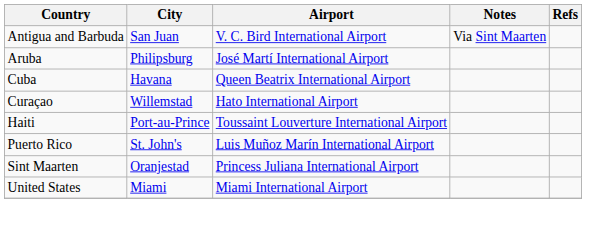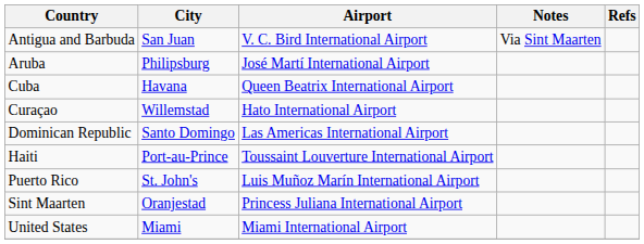 <table class="sortable wikitable">
 <tr>
 <th>Country</th>
 <th>City</th>
 <th>Airport</th>
 <th>Notes</th>
 <th class="unsortable">Refs</th>
 </tr>
 <tr>
 <td>Antigua and Barbuda</td>
 <td><a href='#'>San Juan</a></td>
 <td><a href='#'>V. C. Bird International Airport</a></td>
 <td align=center>Via <a href='#'>Sint Maarten</a></td>
 <td></td>
 </tr>
 <tr>
 <td>Aruba</td>
 <td><a href='#'>Philipsburg</a></td>
 <td><a href='#'>José Martí International Airport</a></td>
 <td align=center></td>
 <td></td>
 </tr>
 <tr>
 <td>Cuba</td>
 <td><a href='#'>Havana</a></td>
 <td><a href='#'>Queen Beatrix International Airport</a></td>
 <td align=center></td>
 <td></td>
 </tr>
 <tr>
 <td>Curaçao</td>
 <td><a href='#'>Willemstad</a></td>
 <td><a href='#'>Hato International Airport</a></td>
 <td align=center></td>
 <td></td>
 </tr>
 <tr>
+<td>Dominican Republic</td>
+<td><a href='#'>Santo Domingo</a></td>
+<td><a href='#'>Las Americas International Airport</a></td>
+<td></td>
+<td></td>
+</tr>
+<tr>
 <td>Haiti</td>
 <td><a href='#'>Port-au-Prince</a></td>
 <td><a href='#'>Toussaint Louverture International Airport</a></td>
 <td></td>
 <td></td>
 </tr>
 <tr>
 <td>Puerto Rico</td>
 <td><a href='#'>St. John's</a></td>
 <td><a href='#'>Luis Muñoz Marín International Airport</a></td>
 <td align=center></td>
 <td></td>
 </tr>
 <tr>
 <td>Sint Maarten</td>
 <td><a href='#'>Oranjestad</a></td>
 <td><a href='#'>Princess Juliana International Airport</a></td>
 <td align=center></td>
 <td></td>
 </tr>
 <tr>
 <td>United States</td>
 <td><a href='#'>Miami</a></td>
 <td><a href='#'>Miami International Airport</a></td>
 <td align=center></td>
 <td></td>
 </tr>
 <tr>
 </tr>
 </table>
